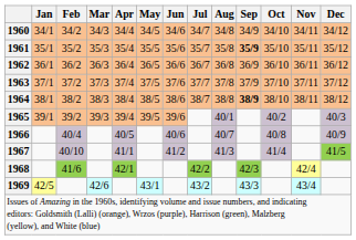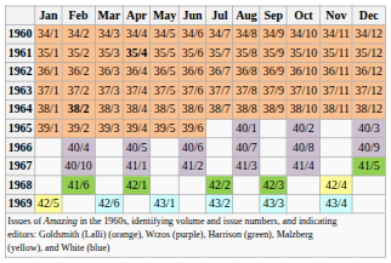 <table class="wikitable" style="font-size: 10pt; line-height: 11pt; margin-right: 2em; text-align: center; float: left">
 <tr>
 <th></th>
 <th>Jan</th>
 <th>Feb</th>
 <th>Mar</th>
 <th>Apr</th>
 <th>May</th>
 <th>Jun</th>
 <th>Jul</th>
 <th>Aug</th>
 <th>Sep</th>
 <th>Oct</th>
 <th>Nov</th>
 <th>Dec</th>
 </tr>
 <tr>
 <th>1960</th>
 <td bgcolor=#fac090>34/1</td>
 <td bgcolor=#fac090>34/2</td>
 <td bgcolor=#fac090>34/3</td>
 <td bgcolor=#fac090>34/4</td>
 <td bgcolor=#fac090>34/5</td>
 <td bgcolor=#fac090>34/6</td>
 <td bgcolor=#fac090>34/7</td>
 <td bgcolor=#fac090>34/8</td>
 <td bgcolor=#fac090>34/9</td>
 <td bgcolor=#fac090>34/10</td>
 <td bgcolor=#fac090>34/11</td>
 <td bgcolor=#fac090>34/12</td>
 </tr>
 <tr>
 <th>1961</th>
 <td bgcolor=#fac090>35/1</td>
 <td bgcolor=#fac090>35/2</td>
 <td bgcolor=#fac090>35/3</td>
-<td bgcolor=#fac090>35/4</td>
+<td bgcolor=#fac090><strong>35/4</strong></td>
 <td bgcolor=#fac090>35/5</td>
 <td bgcolor=#fac090>35/6</td>
 <td bgcolor=#fac090>35/7</td>
 <td bgcolor=#fac090>35/8</td>
-<td bgcolor=#fac090><strong>35/9</strong></td>
+<td bgcolor=#fac090>35/9</td>
 <td bgcolor=#fac090>35/10</td>
 <td bgcolor=#fac090>35/11</td>
 <td bgcolor=#fac090>35/12</td>
 </tr>
 <tr>
 <th>1962</th>
 <td bgcolor=#fac090>36/1</td>
 <td bgcolor=#fac090>36/2</td>
 <td bgcolor=#fac090>36/3</td>
 <td bgcolor=#fac090>36/4</td>
 <td bgcolor=#fac090>36/5</td>
 <td bgcolor=#fac090>36/6</td>
 <td bgcolor=#fac090>36/7</td>
 <td bgcolor=#fac090>36/8</td>
 <td bgcolor=#fac090>36/9</td>
 <td bgcolor=#fac090>36/10</td>
 <td bgcolor=#fac090>36/11</td>
 <td bgcolor=#fac090>36/12</td>
 </tr>
 <tr>
 <th>1963</th>
 <td bgcolor=#fac090>37/1</td>
 <td bgcolor=#fac090>37/2</td>
 <td bgcolor=#fac090>37/3</td>
 <td bgcolor=#fac090>37/4</td>
 <td bgcolor=#fac090>37/5</td>
 <td bgcolor=#fac090>37/6</td>
 <td bgcolor=#fac090>37/7</td>
 <td bgcolor=#fac090>37/8</td>
 <td bgcolor=#fac090>37/9</td>
 <td bgcolor=#fac090>37/10</td>
 <td bgcolor=#fac090>37/11</td>
 <td bgcolor=#fac090>37/12</td>
 </tr>
 <tr>
 <th>1964</th>
 <td bgcolor=#fac090>38/1</td>
-<td bgcolor=#fac090>38/2</td>
+<td bgcolor=#fac090><strong>38/2</strong></td>
 <td bgcolor=#fac090>38/3</td>
 <td bgcolor=#fac090>38/4</td>
 <td bgcolor=#fac090>38/5</td>
 <td bgcolor=#fac090>38/6</td>
 <td bgcolor=#fac090>38/7</td>
 <td bgcolor=#fac090>38/8</td>
-<td bgcolor=#fac090><strong>38/9</strong></td>
+<td bgcolor=#fac090>38/9</td>
 <td bgcolor=#fac090>38/10</td>
 <td bgcolor=#fac090>38/11</td>
 <td bgcolor=#fac090>38/12</td>
 </tr>
 <tr>
 <th>1965</th>
 <td bgcolor=#fac090>39/1</td>
 <td bgcolor=#fac090>39/2</td>
 <td bgcolor=#fac090>39/3</td>
 <td bgcolor=#fac090>39/4</td>
 <td bgcolor=#fac090>39/5</td>
 <td bgcolor=#fac090>39/6</td>
 <td></td>
 <td bgcolor=#ccc0d0>40/1</td>
 <td></td>
 <td bgcolor=#ccc0d0>40/2</td>
 <td></td>
 <td bgcolor=#ccc0d0>40/3</td>
 </tr>
 <tr>
 <th>1966</th>
 <td></td>
 <td bgcolor=#ccc0d0>40/4</td>
 <td></td>
 <td bgcolor=#ccc0d0>40/5</td>
 <td></td>
 <td bgcolor=#ccc0d0>40/6</td>
 <td></td>
 <td bgcolor=#ccc0d0>40/7</td>
 <td></td>
 <td bgcolor=#ccc0d0>40/8</td>
 <td></td>
 <td bgcolor=#ccc0d0>40/9</td>
 </tr>
 <tr>
 <th>1967</th>
 <td></td>
 <td bgcolor=#ccc0d0>40/10</td>
 <td></td>
 <td bgcolor=#ccc0d0>41/1</td>
 <td></td>
 <td bgcolor=#ccc0d0>41/2</td>
 <td></td>
 <td bgcolor=#ccc0d0>41/3</td>
 <td></td>
 <td bgcolor=#ccc0d0>41/4</td>
 <td></td>
 <td bgcolor=#92d050>41/5</td>
 </tr>
 <tr>
 <th>1968</th>
 <td></td>
 <td bgcolor=#92d050>41/6</td>
 <td></td>
 <td bgcolor=#92d050>42/1</td>
 <td></td>
 <td></td>
 <td bgcolor=#92d050>42/2</td>
 <td></td>
 <td bgcolor=#92d050>42/3</td>
 <td></td>
 <td bgcolor=#ffff99>42/4</td>
 <td></td>
 </tr>
 <tr>
 <th>1969</th>
 <td bgcolor=#ffff99>42/5</td>
 <td></td>
 <td bgcolor=#ccffff>42/6</td>
 <td></td>
 <td bgcolor=#ccffff>43/1</td>
 <td></td>
 <td bgcolor=#ccffff>43/2</td>
 <td></td>
 <td bgcolor=#ccffff>43/3</td>
 <td></td>
 <td bgcolor=#ccffff>43/4</td>
 <td></td>
 </tr>
 <tr>
 <td colspan="13" style="font-size: 8pt; text-align:left">Issues of <em>Amazing</em> in the 1960s, identifying volume and issue numbers, and indicating<br>editors: Goldsmith (Lalli) (orange), Wrzos (purple), Harrison (green), Malzberg<br>(yellow), and White (blue)</td>
 </tr>
 </table>
